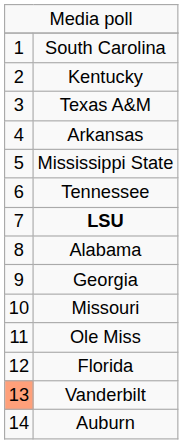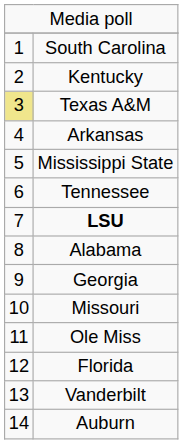 <table class="wikitable">
 <tr align="center">
 <td align="center" Colspan="2">Media poll</td>
 </tr>
 <tr align="center">
 </tr>
 <tr align="center">
 <td>1</td>
 <td>South Carolina</td>
 </tr>
 <tr align="center">
 <td>2</td>
 <td>Kentucky</td>
 </tr>
 <tr align="center">
-<td>3</td>
+<td style="background: khaki;">3</td>
 <td>Texas A&M</td>
 </tr>
 <tr align="center">
 <td>4</td>
 <td>Arkansas</td>
 </tr>
 <tr align="center">
 <td>5</td>
 <td>Mississippi State</td>
 </tr>
 <tr align="center">
 <td>6</td>
 <td>Tennessee</td>
 </tr>
 <tr align="center">
 <td>7</td>
 <td><strong>LSU</strong></td>
 </tr>
 <tr align="center">
 <td>8</td>
 <td>Alabama</td>
 </tr>
 <tr align="center">
 <td>9</td>
 <td>Georgia</td>
 </tr>
 <tr align="center">
 <td>10</td>
 <td>Missouri</td>
 </tr>
 <tr align="center">
 <td>11</td>
 <td>Ole Miss</td>
 </tr>
 <tr align="center">
 <td>12</td>
 <td>Florida</td>
 </tr>
 <tr align="center">
-<td style="background: lightsalmon;">13</td>
+<td>13</td>
 <td>Vanderbilt</td>
 </tr>
 <tr align="center">
 <td>14</td>
 <td>Auburn</td>
 </tr>
 </table>
